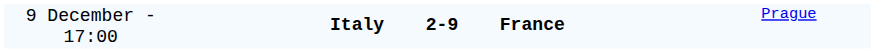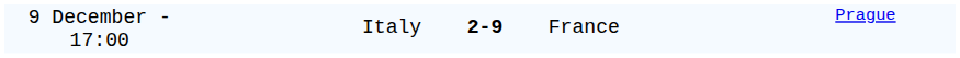 <table style="width: 100%; background:#F5FAFF;" cellspacing="0">
 <tr>
 <td align=center rowspan=3 width=20%>9 December - 17:00</td>
 </tr>
 <tr>
-<td width=24% align=right><strong>Italy </strong></td>
+<td width=24% align=right>Italy </td>
 <td align=center width=13%><strong>2-9</strong></td>
-<td width=24%><strong> France</strong></td>
+<td width=24%> France</td>
 <td style=font-size:85% rowspan=3 valign=top align=center><a href='#'>Prague</a></td>
 </tr>
 <tr style=font-size:85%>
 <td align=right valign=top></td>
 <td></td>
 <td></td>
 </tr>
 </table>
